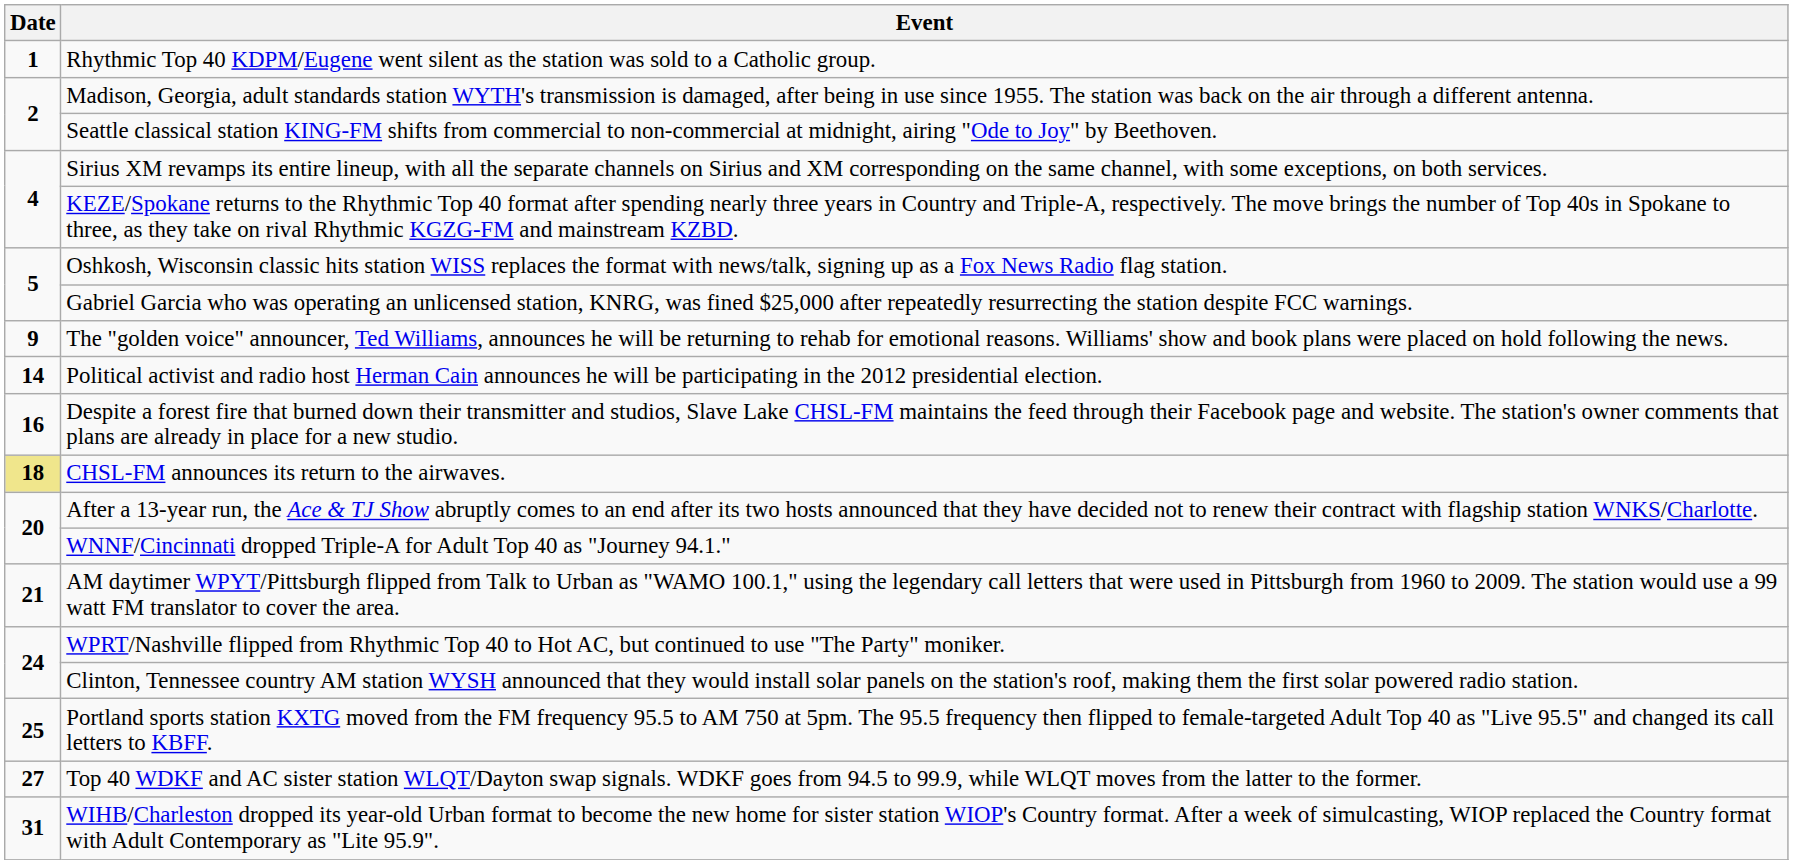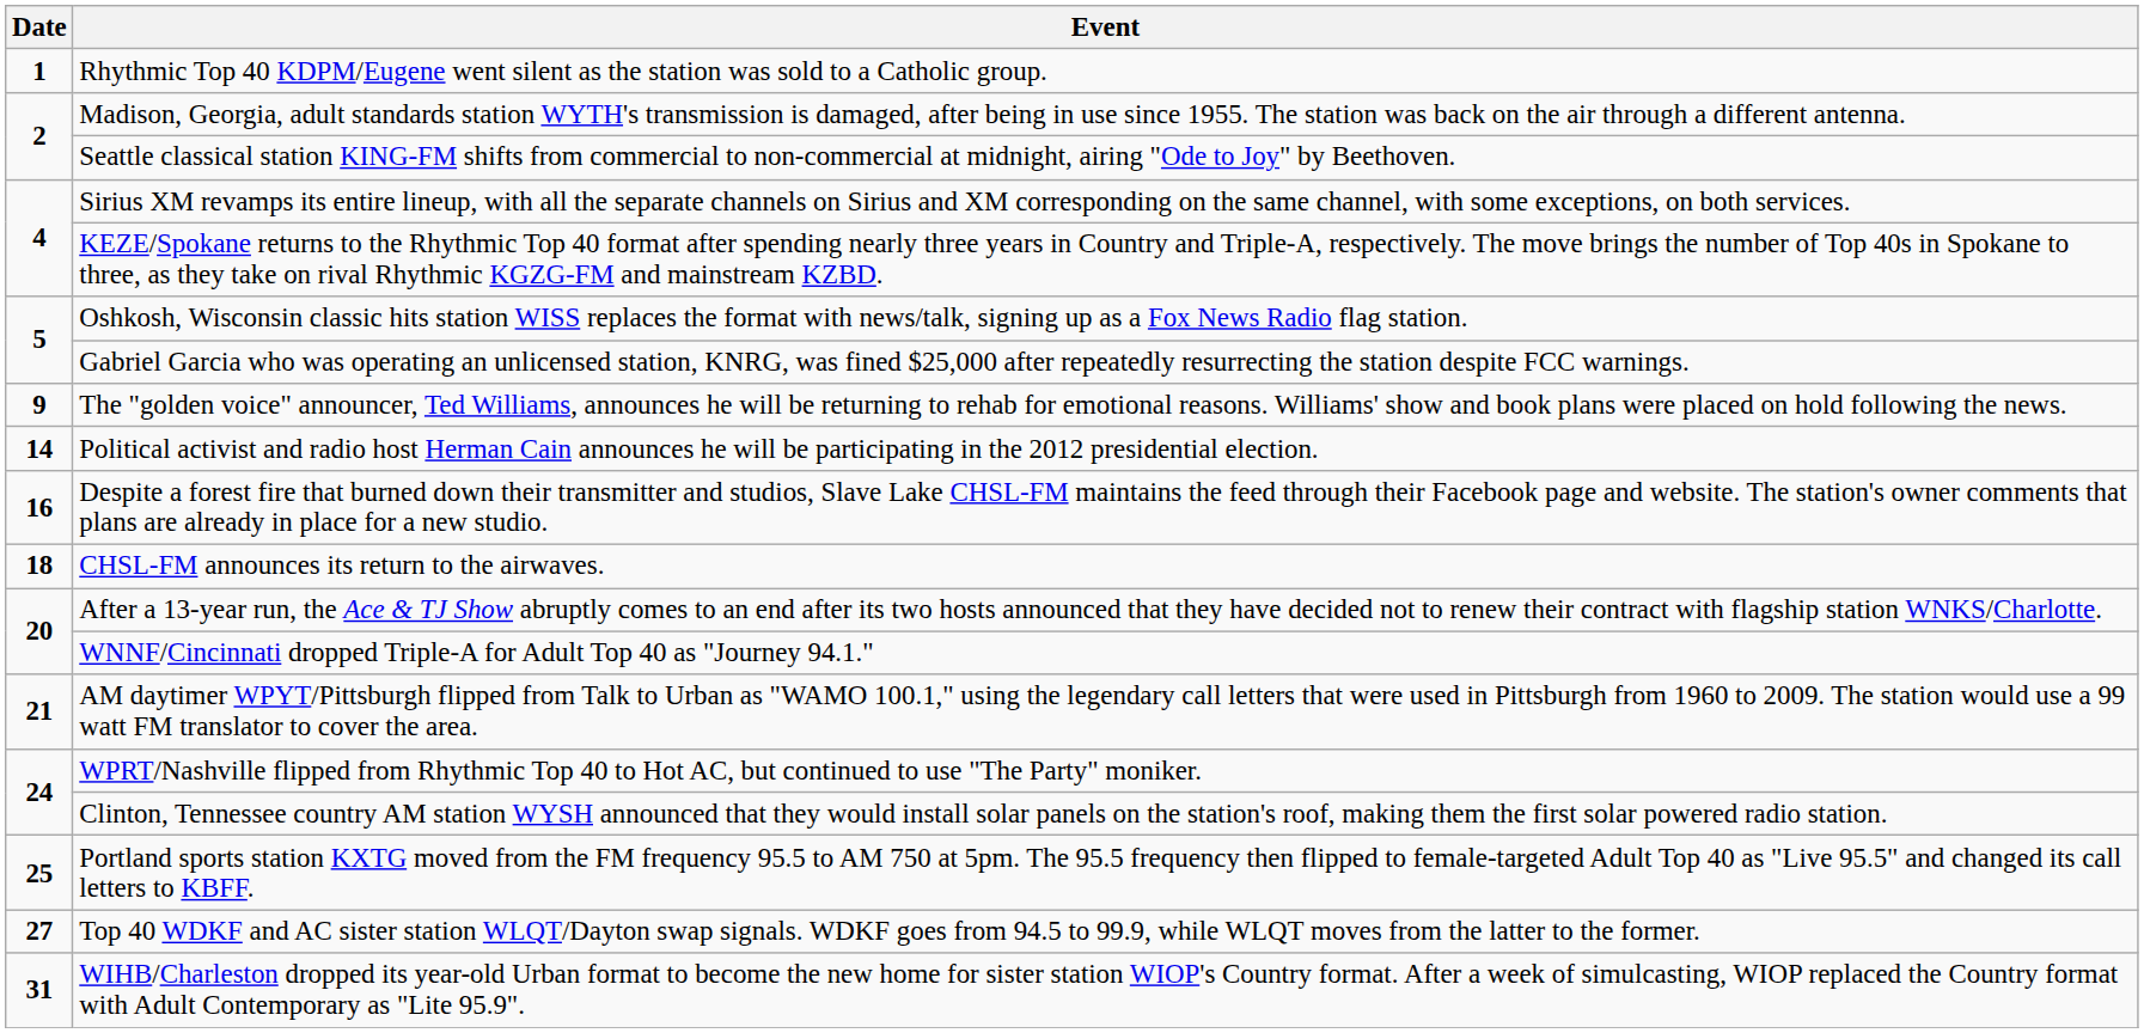 <table class="wikitable">
 <tr>
 <th>Date</th>
 <th>Event</th>
 </tr>
 <tr>
 <td style="text-align:center;"><strong>1</strong></td>
 <td>Rhythmic Top 40 <a href='#'>KDPM</a>/<a href='#'>Eugene</a> went silent as the station was sold to a Catholic group.</td>
 </tr>
 <tr>
 <td style="text-align:center;" rowspan="2"><strong>2</strong></td>
 <td>Madison, Georgia, adult standards station <a href='#'>WYTH</a>'s transmission is damaged, after being in use since 1955. The station was back on the air through a different antenna.</td>
 </tr>
 <tr>
 <td>Seattle classical station <a href='#'>KING-FM</a> shifts from commercial to non-commercial at midnight, airing "<a href='#'>Ode to Joy</a>" by Beethoven.</td>
 </tr>
 <tr>
 <td style="text-align:center;" rowspan="2"><strong>4</strong></td>
 <td>Sirius XM revamps its entire lineup, with all the separate channels on Sirius and XM corresponding on the same channel, with some exceptions, on both services.</td>
 </tr>
 <tr>
 <td><a href='#'>KEZE</a>/<a href='#'>Spokane</a> returns to the Rhythmic Top 40 format after spending nearly three years in Country and Triple-A, respectively. The move brings the number of Top 40s in Spokane to three, as they take on rival Rhythmic <a href='#'>KGZG-FM</a> and mainstream <a href='#'>KZBD</a>.</td>
 </tr>
 <tr>
 <td style="text-align:center;" rowspan="2"><strong>5</strong></td>
 <td>Oshkosh, Wisconsin classic hits station <a href='#'>WISS</a> replaces the format with news/talk, signing up as a <a href='#'>Fox News Radio</a> flag station.</td>
 </tr>
 <tr>
 <td>Gabriel Garcia who was operating an unlicensed station, KNRG, was fined $25,000 after repeatedly resurrecting the station despite FCC warnings.</td>
 </tr>
 <tr>
 <td style="text-align:center;"><strong>9</strong></td>
 <td>The "golden voice" announcer, <a href='#'>Ted Williams</a>, announces he will be returning to rehab for emotional reasons. Williams' show and book plans were placed on hold following the news.</td>
 </tr>
 <tr>
 <td style="text-align:center;"><strong>14</strong></td>
 <td>Political activist and radio host <a href='#'>Herman Cain</a> announces he will be participating in the 2012 presidential election.</td>
 </tr>
 <tr>
 <td style="text-align:center;"><strong>16</strong></td>
 <td>Despite a forest fire that burned down their transmitter and studios, Slave Lake <a href='#'>CHSL-FM</a> maintains the feed through their Facebook page and website. The station's owner comments that plans are already in place for a new studio.</td>
 </tr>
 <tr>
-<td style="background: khaki; text-align:center;"><strong>18</strong></td>
+<td style="text-align:center;"><strong>18</strong></td>
 <td><a href='#'>CHSL-FM</a> announces its return to the airwaves.</td>
 </tr>
 <tr>
 <td style="text-align:center;" rowspan="2"><strong>20</strong></td>
 <td>After a 13-year run, the <em><a href='#'>Ace & TJ Show</a></em> abruptly comes to an end after its two hosts announced that they have decided not to renew their contract with flagship station <a href='#'>WNKS</a>/<a href='#'>Charlotte</a>.</td>
 </tr>
 <tr>
 <td><a href='#'>WNNF</a>/<a href='#'>Cincinnati</a> dropped Triple-A for Adult Top 40 as "Journey 94.1."</td>
 </tr>
 <tr>
 <td style="text-align:center;"><strong>21</strong></td>
 <td>AM daytimer <a href='#'>WPYT</a>/Pittsburgh flipped from Talk to Urban as "WAMO 100.1," using the legendary call letters that were used in Pittsburgh from 1960 to 2009. The station would use a 99 watt FM translator to cover the area.</td>
 </tr>
 <tr>
 <td style="text-align:center;" rowspan="2"><strong>24</strong></td>
 <td><a href='#'>WPRT</a>/Nashville flipped from Rhythmic Top 40 to Hot AC, but continued to use "The Party" moniker.</td>
 </tr>
 <tr>
 <td>Clinton, Tennessee country AM station <a href='#'>WYSH</a> announced that they would install solar panels on the station's roof, making them the first solar powered radio station.</td>
 </tr>
 <tr>
 <td style="text-align:center;"><strong>25</strong></td>
 <td>Portland sports station <a href='#'>KXTG</a> moved from the FM frequency 95.5 to AM 750 at 5pm. The 95.5 frequency then flipped to female-targeted Adult Top 40 as "Live 95.5" and changed its call letters to <a href='#'>KBFF</a>.</td>
 </tr>
 <tr>
 <td style="text-align:center;"><strong>27</strong></td>
 <td>Top 40 <a href='#'>WDKF</a> and AC sister station <a href='#'>WLQT</a>/Dayton swap signals. WDKF goes from 94.5 to 99.9, while WLQT moves from the latter to the former.</td>
 </tr>
 <tr>
 <td style="text-align:center;"><strong>31</strong></td>
 <td><a href='#'>WIHB</a>/<a href='#'>Charleston</a> dropped its year-old Urban format to become the new home for sister station <a href='#'>WIOP</a>'s Country format. After a week of simulcasting, WIOP replaced the Country format with Adult Contemporary as "Lite 95.9".</td>
 </tr>
 </table>
